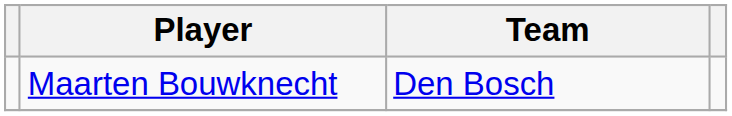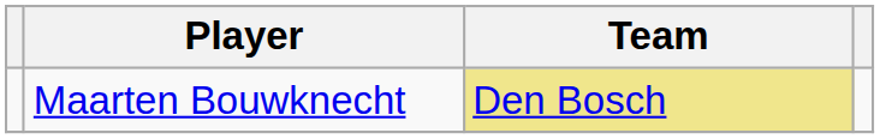 <table class="wikitable">
 <tr>
 <th></th>
 <th width=170>Player</th>
 <th width=150>Team</th>
 <th></th>
 </tr>
 <tr>
 <td></td>
 <td> <a href='#'>Maarten Bouwknecht</a></td>
-<td><a href='#'>Den Bosch</a></td>
+<td style="background: khaki;"><a href='#'>Den Bosch</a></td>
 <td></td>
 </tr>
 <tr>
 </tr>
 </table>
